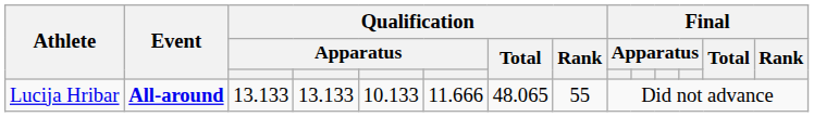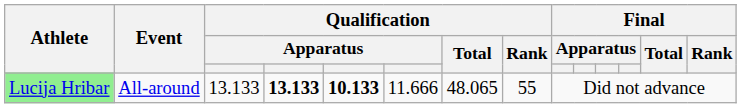 <table class="wikitable" style="font-size:90%">
 <tr>
 <th rowspan=3>Athlete</th>
 <th rowspan=3>Event</th>
 <th colspan=6>Qualification</th>
 <th colspan=6>Final</th>
 </tr>
 <tr style=font-size:95%>
 <th colspan=4>Apparatus</th>
 <th rowspan=2>Total</th>
 <th rowspan=2>Rank</th>
 <th colspan=4>Apparatus</th>
 <th rowspan=2>Total</th>
 <th rowspan=2>Rank</th>
 </tr>
 <tr style=font-size:95%>
 <th></th>
 <th></th>
 <th></th>
 <th></th>
 <th></th>
 <th></th>
 <th></th>
 <th></th>
 </tr>
 <tr align=center>
-<td align=left><a href='#'>Lucija Hribar</a></td>
-<td align=left><strong><a href='#'>All-around</a></strong></td>
+<td align=left style="background: lightgreen;"><a href='#'>Lucija Hribar</a></td>
+<td align=left><a href='#'>All-around</a></td>
 <td>13.133</td>
-<td>13.133</td>
-<td>10.133</td>
+<td><strong>13.133</strong></td>
+<td><strong>10.133</strong></td>
 <td>11.666</td>
 <td>48.065</td>
 <td>55</td>
 <td colspan="6">Did not advance</td>
 </tr>
 </table>
